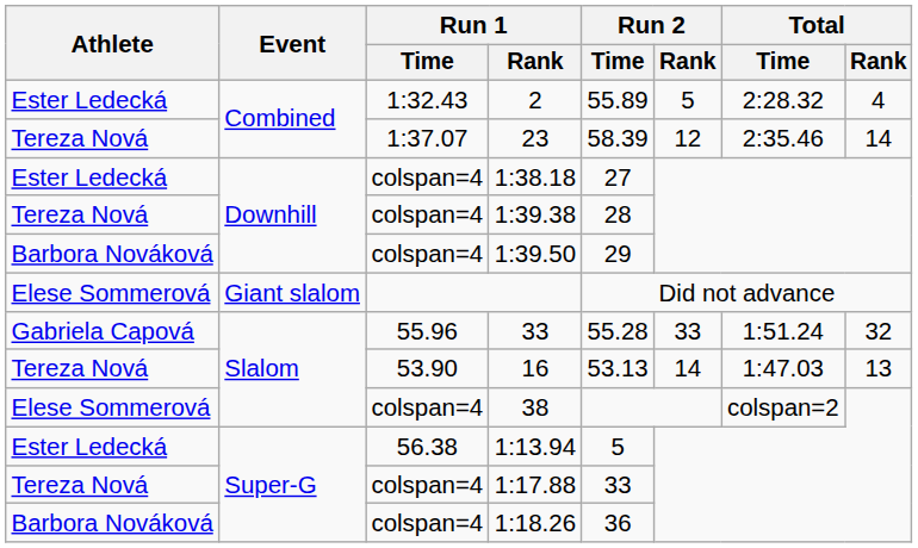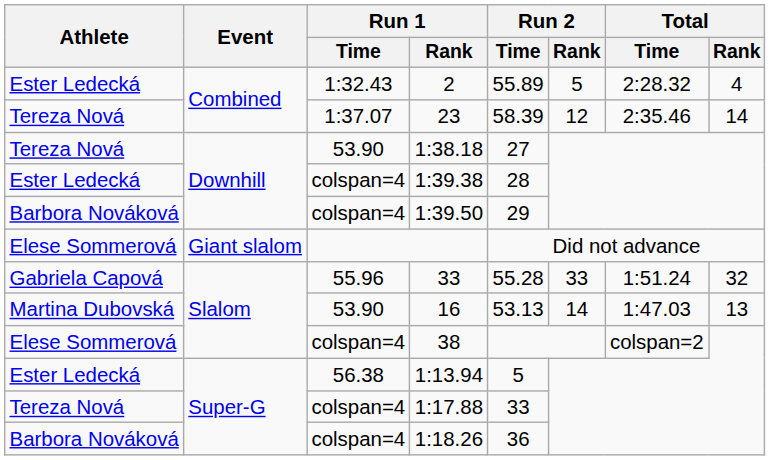 <table class=wikitable style=font-size:90%;text-align:center>
 <tr>
 <th rowspan=2>Athlete</th>
 <th rowspan=2>Event</th>
 <th colspan=2>Run 1</th>
 <th colspan=2>Run 2</th>
 <th colspan=2>Total</th>
 </tr>
 <tr style="font-size:95%">
 <th>Time</th>
 <th>Rank</th>
 <th>Time</th>
 <th>Rank</th>
 <th>Time</th>
 <th>Rank</th>
 </tr>
 <tr>
 <td align=left><a href='#'>Ester Ledecká</a></td>
 <td align=left rowspan=2><a href='#'>Combined</a></td>
 <td>1:32.43</td>
 <td>2</td>
 <td>55.89</td>
 <td>5</td>
 <td>2:28.32</td>
 <td>4</td>
 </tr>
 <tr>
 <td align=left><a href='#'>Tereza Nová</a></td>
 <td>1:37.07</td>
 <td>23</td>
 <td>58.39</td>
 <td>12</td>
 <td>2:35.46</td>
 <td>14</td>
 </tr>
 <tr>
-<td align=left><a href='#'>Ester Ledecká</a></td>
+<td align=left><a href='#'>Tereza Nová</a></td>
 <td align=left rowspan=3><a href='#'>Downhill</a></td>
-<td>colspan=4</td>
+<td>53.90</td>
 <td>1:38.18</td>
 <td>27</td>
 </tr>
 <tr>
-<td align=left><a href='#'>Tereza Nová</a></td>
+<td align=left><a href='#'>Ester Ledecká</a></td>
 <td>colspan=4</td>
 <td>1:39.38</td>
 <td>28</td>
 </tr>
 <tr>
 <td align=left><a href='#'>Barbora Nováková</a></td>
 <td>colspan=4</td>
 <td>1:39.50</td>
 <td>29</td>
 </tr>
 <tr>
 <td align=left><a href='#'>Elese Sommerová</a></td>
 <td align=left><a href='#'>Giant slalom</a></td>
 <td colspan=2></td>
 <td colspan=4>Did not advance</td>
 </tr>
 <tr>
 <td align=left><a href='#'>Gabriela Capová</a></td>
 <td align=left rowspan=3><a href='#'>Slalom</a></td>
 <td>55.96</td>
 <td>33</td>
 <td>55.28</td>
 <td>33</td>
 <td>1:51.24</td>
 <td>32</td>
 </tr>
 <tr>
-<td align=left><a href='#'>Tereza Nová</a></td>
+<td align=left><a href='#'>Martina Dubovská</a></td>
 <td>53.90</td>
 <td>16</td>
 <td>53.13</td>
 <td>14</td>
 <td>1:47.03</td>
 <td>13</td>
 </tr>
 <tr>
 <td align=left><a href='#'>Elese Sommerová</a></td>
 <td>colspan=4</td>
 <td>38</td>
 <td colspan=2></td>
 <td>colspan=2 </td>
 </tr>
 <tr>
 <td align=left><a href='#'>Ester Ledecká</a></td>
 <td align=left rowspan=3><a href='#'>Super-G</a></td>
 <td>56.38</td>
 <td>1:13.94</td>
 <td>5</td>
 </tr>
 <tr>
 <td align=left><a href='#'>Tereza Nová</a></td>
 <td>colspan=4</td>
 <td>1:17.88</td>
 <td>33</td>
 </tr>
 <tr>
 <td align=left><a href='#'>Barbora Nováková</a></td>
 <td>colspan=4</td>
 <td>1:18.26</td>
 <td>36</td>
 </tr>
 </table>
